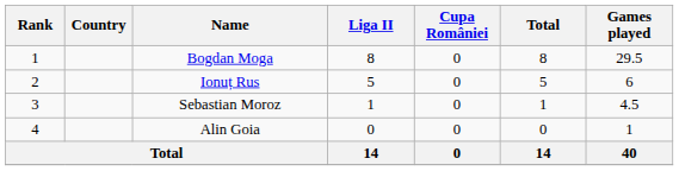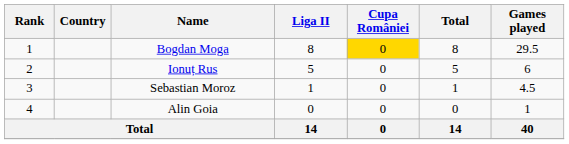 <table class="wikitable" style="text-align:center;">
 <tr>
 <th style="width:56px;">Rank</th>
 <th style="width:64px;">Country</th>
 <th style="width:200px;">Name</th>
 <th style="width:84px;"><a href='#'>Liga II</a></th>
 <th style="width:84px;"><a href='#'>Cupa României</a></th>
 <th style="width:84px;">Total</th>
 <th style="width:84px;">Games played</th>
 </tr>
 <tr>
 <td>1</td>
 <td></td>
 <td><a href='#'>Bogdan Moga</a></td>
 <td>8</td>
-<td>0</td>
+<td style="background: gold;">0</td>
 <td>8</td>
 <td>29.5</td>
 </tr>
 <tr>
 <td>2</td>
 <td></td>
 <td><a href='#'>Ionuț Rus</a></td>
 <td>5</td>
 <td>0</td>
 <td>5</td>
 <td>6</td>
 </tr>
 <tr>
 <td>3</td>
 <td></td>
 <td>Sebastian Moroz</td>
 <td>1</td>
 <td>0</td>
 <td>1</td>
 <td>4.5</td>
 </tr>
 <tr>
 <td>4</td>
 <td></td>
 <td>Alin Goia</td>
 <td>0</td>
 <td>0</td>
 <td>0</td>
 <td>1</td>
 </tr>
 <tr>
 <th colspan="3">Total</th>
 <th>14</th>
 <th>0</th>
 <th>14</th>
 <th>40</th>
 </tr>
 <tr>
 </tr>
 </table>
